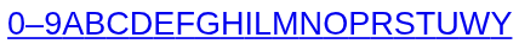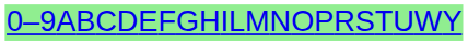 <table id="toc" class="toc" summary="Class">
 <tr>
 <th></th>
 </tr>
 <tr>
-<td style="text-align:center;"><a href='#'>0–9</a><a href='#'>A</a><a href='#'>B</a><a href='#'>C</a><a href='#'>D</a><a href='#'>E</a><a href='#'>F</a><a href='#'>G</a><a href='#'>H</a><a href='#'>I</a><a href='#'>L</a><a href='#'>M</a><a href='#'>N</a><a href='#'>O</a><a href='#'>P</a><a href='#'>R</a><a href='#'>S</a><a href='#'>T</a><a href='#'>U</a><a href='#'>W</a><a href='#'>Y</a></td>
+<td style="background: lightgreen; text-align:center;"><a href='#'>0–9</a><a href='#'>A</a><a href='#'>B</a><a href='#'>C</a><a href='#'>D</a><a href='#'>E</a><a href='#'>F</a><a href='#'>G</a><a href='#'>H</a><a href='#'>I</a><a href='#'>L</a><a href='#'>M</a><a href='#'>N</a><a href='#'>O</a><a href='#'>P</a><a href='#'>R</a><a href='#'>S</a><a href='#'>T</a><a href='#'>U</a><a href='#'>W</a><a href='#'>Y</a></td>
 </tr>
 </table>
